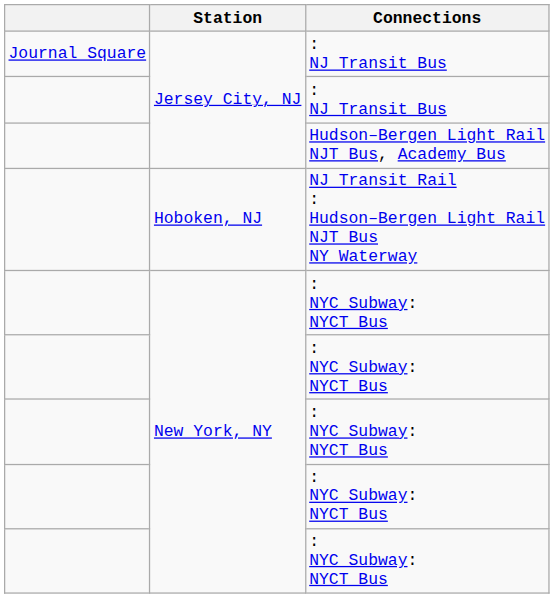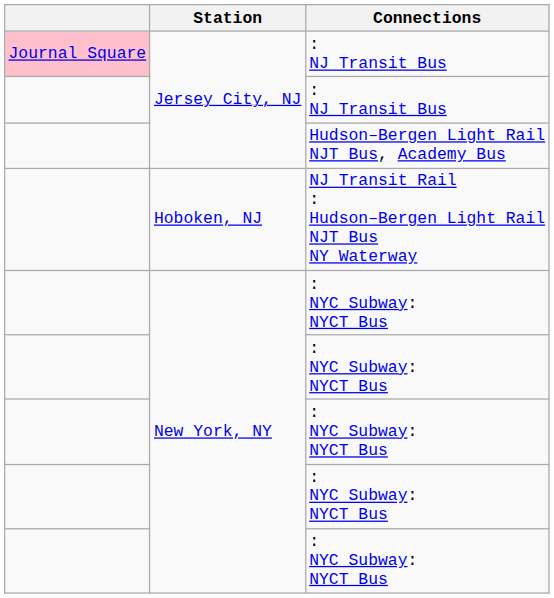 <table class="wikitable">
 <tr>
 <th></th>
 <th>Station</th>
 <th>Connections</th>
 </tr>
 <tr>
-<td><a href='#'>Journal Square</a> </td>
+<td style="background: pink;"><a href='#'>Journal Square</a> </td>
 <td rowspan=3><a href='#'>Jersey City, NJ</a></td>
 <td>: <br> <a href='#'>NJ Transit Bus</a></td>
 </tr>
 <tr>
 <td> </td>
 <td>: <br> <a href='#'>NJ Transit Bus</a></td>
 </tr>
 <tr>
 <td> </td>
 <td> <a href='#'>Hudson–Bergen Light Rail</a><br> <a href='#'>NJT Bus</a>, <a href='#'>Academy Bus</a></td>
 </tr>
 <tr>
 <td> </td>
 <td><a href='#'>Hoboken, NJ</a></td>
 <td> <a href='#'>NJ Transit Rail</a><br>: <br> <a href='#'>Hudson–Bergen Light Rail</a><br> <a href='#'>NJT Bus</a><br> <a href='#'>NY Waterway</a></td>
 </tr>
 <tr>
 <td></td>
 <td rowspan=5><a href='#'>New York, NY</a></td>
 <td>: <br> <a href='#'>NYC Subway</a>: <br> <a href='#'>NYCT Bus</a></td>
 </tr>
 <tr>
 <td></td>
 <td>: <br> <a href='#'>NYC Subway</a>: <br> <a href='#'>NYCT Bus</a></td>
 </tr>
 <tr>
 <td></td>
 <td>: <br> <a href='#'>NYC Subway</a>: <br> <a href='#'>NYCT Bus</a></td>
 </tr>
 <tr>
 <td></td>
 <td>: <br> <a href='#'>NYC Subway</a>: <br> <a href='#'>NYCT Bus</a></td>
 </tr>
 <tr>
 <td> </td>
 <td>: <br> <a href='#'>NYC Subway</a>: <br> <a href='#'>NYCT Bus</a></td>
 </tr>
 </table>
